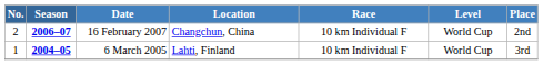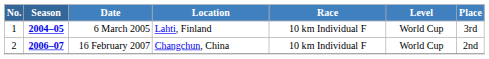 <table class="wikitable sortable" style="font-size:95%; text-align:center; border:grey solid 1px; border-collapse:collapse; background:#ffffff;">
 <tr style="background:#efefef;">
 <th style="background-color:#369; color:white;">No.</th>
 <th style="background-color:#369; color:white;">Season</th>
 <th style="background-color:#4180be; color:white; width:120px;">Date</th>
 <th style="background-color:#4180be; color:white; width:170px;">Location</th>
 <th style="background-color:#4180be; color:white; width:170px;">Race</th>
 <th style="background-color:#4180be; color:white; width:100px;">Level</th>
 <th style="background-color:#4180be; color:white;">Place</th>
 </tr>
 <tr>
+<td align=center>1</td>
+<td rowspan="1" align="center"><strong> <a href='#'>2004–05</a> </strong></td>
+<td align=right>6 March 2005</td>
+<td align=left> <a href='#'>Lahti</a>, Finland</td>
+<td>10 km Individual F</td>
+<td>World Cup</td>
+<td>3rd</td>
+</tr>
+<tr>
 <td align=center>2</td>
 <td rowspan="1" align="center"><strong> <a href='#'>2006–07</a> </strong></td>
 <td align=right>16 February 2007</td>
 <td align=left> <a href='#'>Changchun</a>, China</td>
 <td>10 km Individual F</td>
 <td>World Cup</td>
 <td>2nd</td>
 </tr>
 <tr>
-<td align=center>1</td>
-<td rowspan="1" align="center"><strong> <a href='#'>2004–05</a> </strong></td>
-<td align=right>6 March 2005</td>
-<td align=left> <a href='#'>Lahti</a>, Finland</td>
-<td>10 km Individual F</td>
-<td>World Cup</td>
-<td>3rd</td>
-</tr>
-<tr>
 </tr>
 </table>
